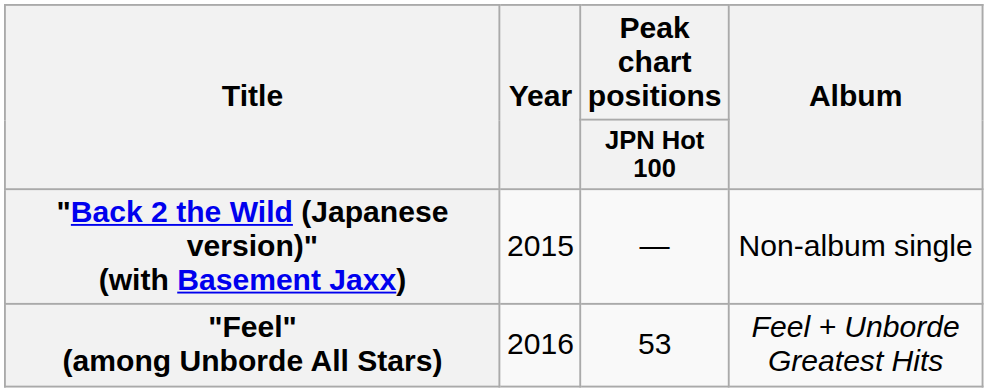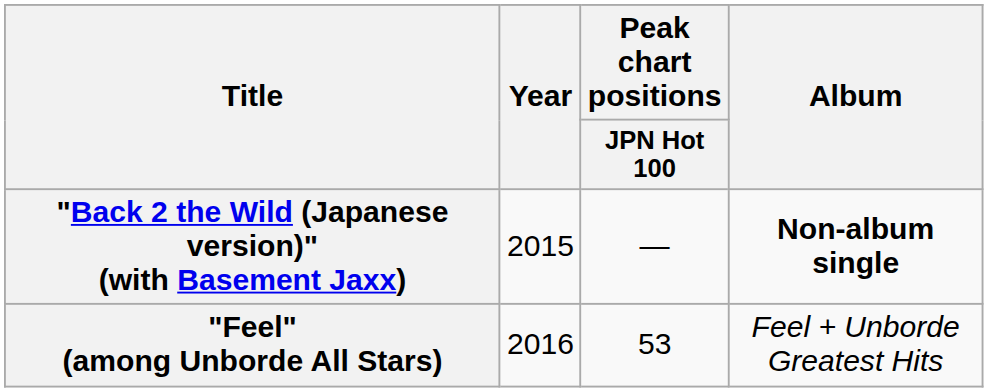 <table class="wikitable plainrowheaders" style="text-align:center;">
 <tr>
 <th scope="col" rowspan="2" style="width:16em;">Title</th>
 <th scope="col" rowspan="2" style="width:2em;">Year</th>
 <th scope="col" colspan="1">Peak chart positions</th>
 <th scope="col" rowspan="2" style="width:8em;">Album</th>
 </tr>
 <tr>
 <th style="width:3em;font-size:85%">JPN Hot 100<br></th>
 </tr>
 <tr>
 <th scope="row">"<a href='#'>Back 2 the Wild</a> (Japanese version)"<br><span>(with <a href='#'>Basement Jaxx</a>)</span></th>
 <td>2015</td>
 <td>—</td>
-<td>Non-album single</td>
+<td><strong>Non-album single</strong></td>
 </tr>
 <tr>
 <th scope="row">"Feel"<br><span>(among Unborde All Stars)</span></th>
 <td>2016</td>
 <td>53</td>
 <td><em>Feel + Unborde Greatest Hits</em></td>
 </tr>
 </table>
